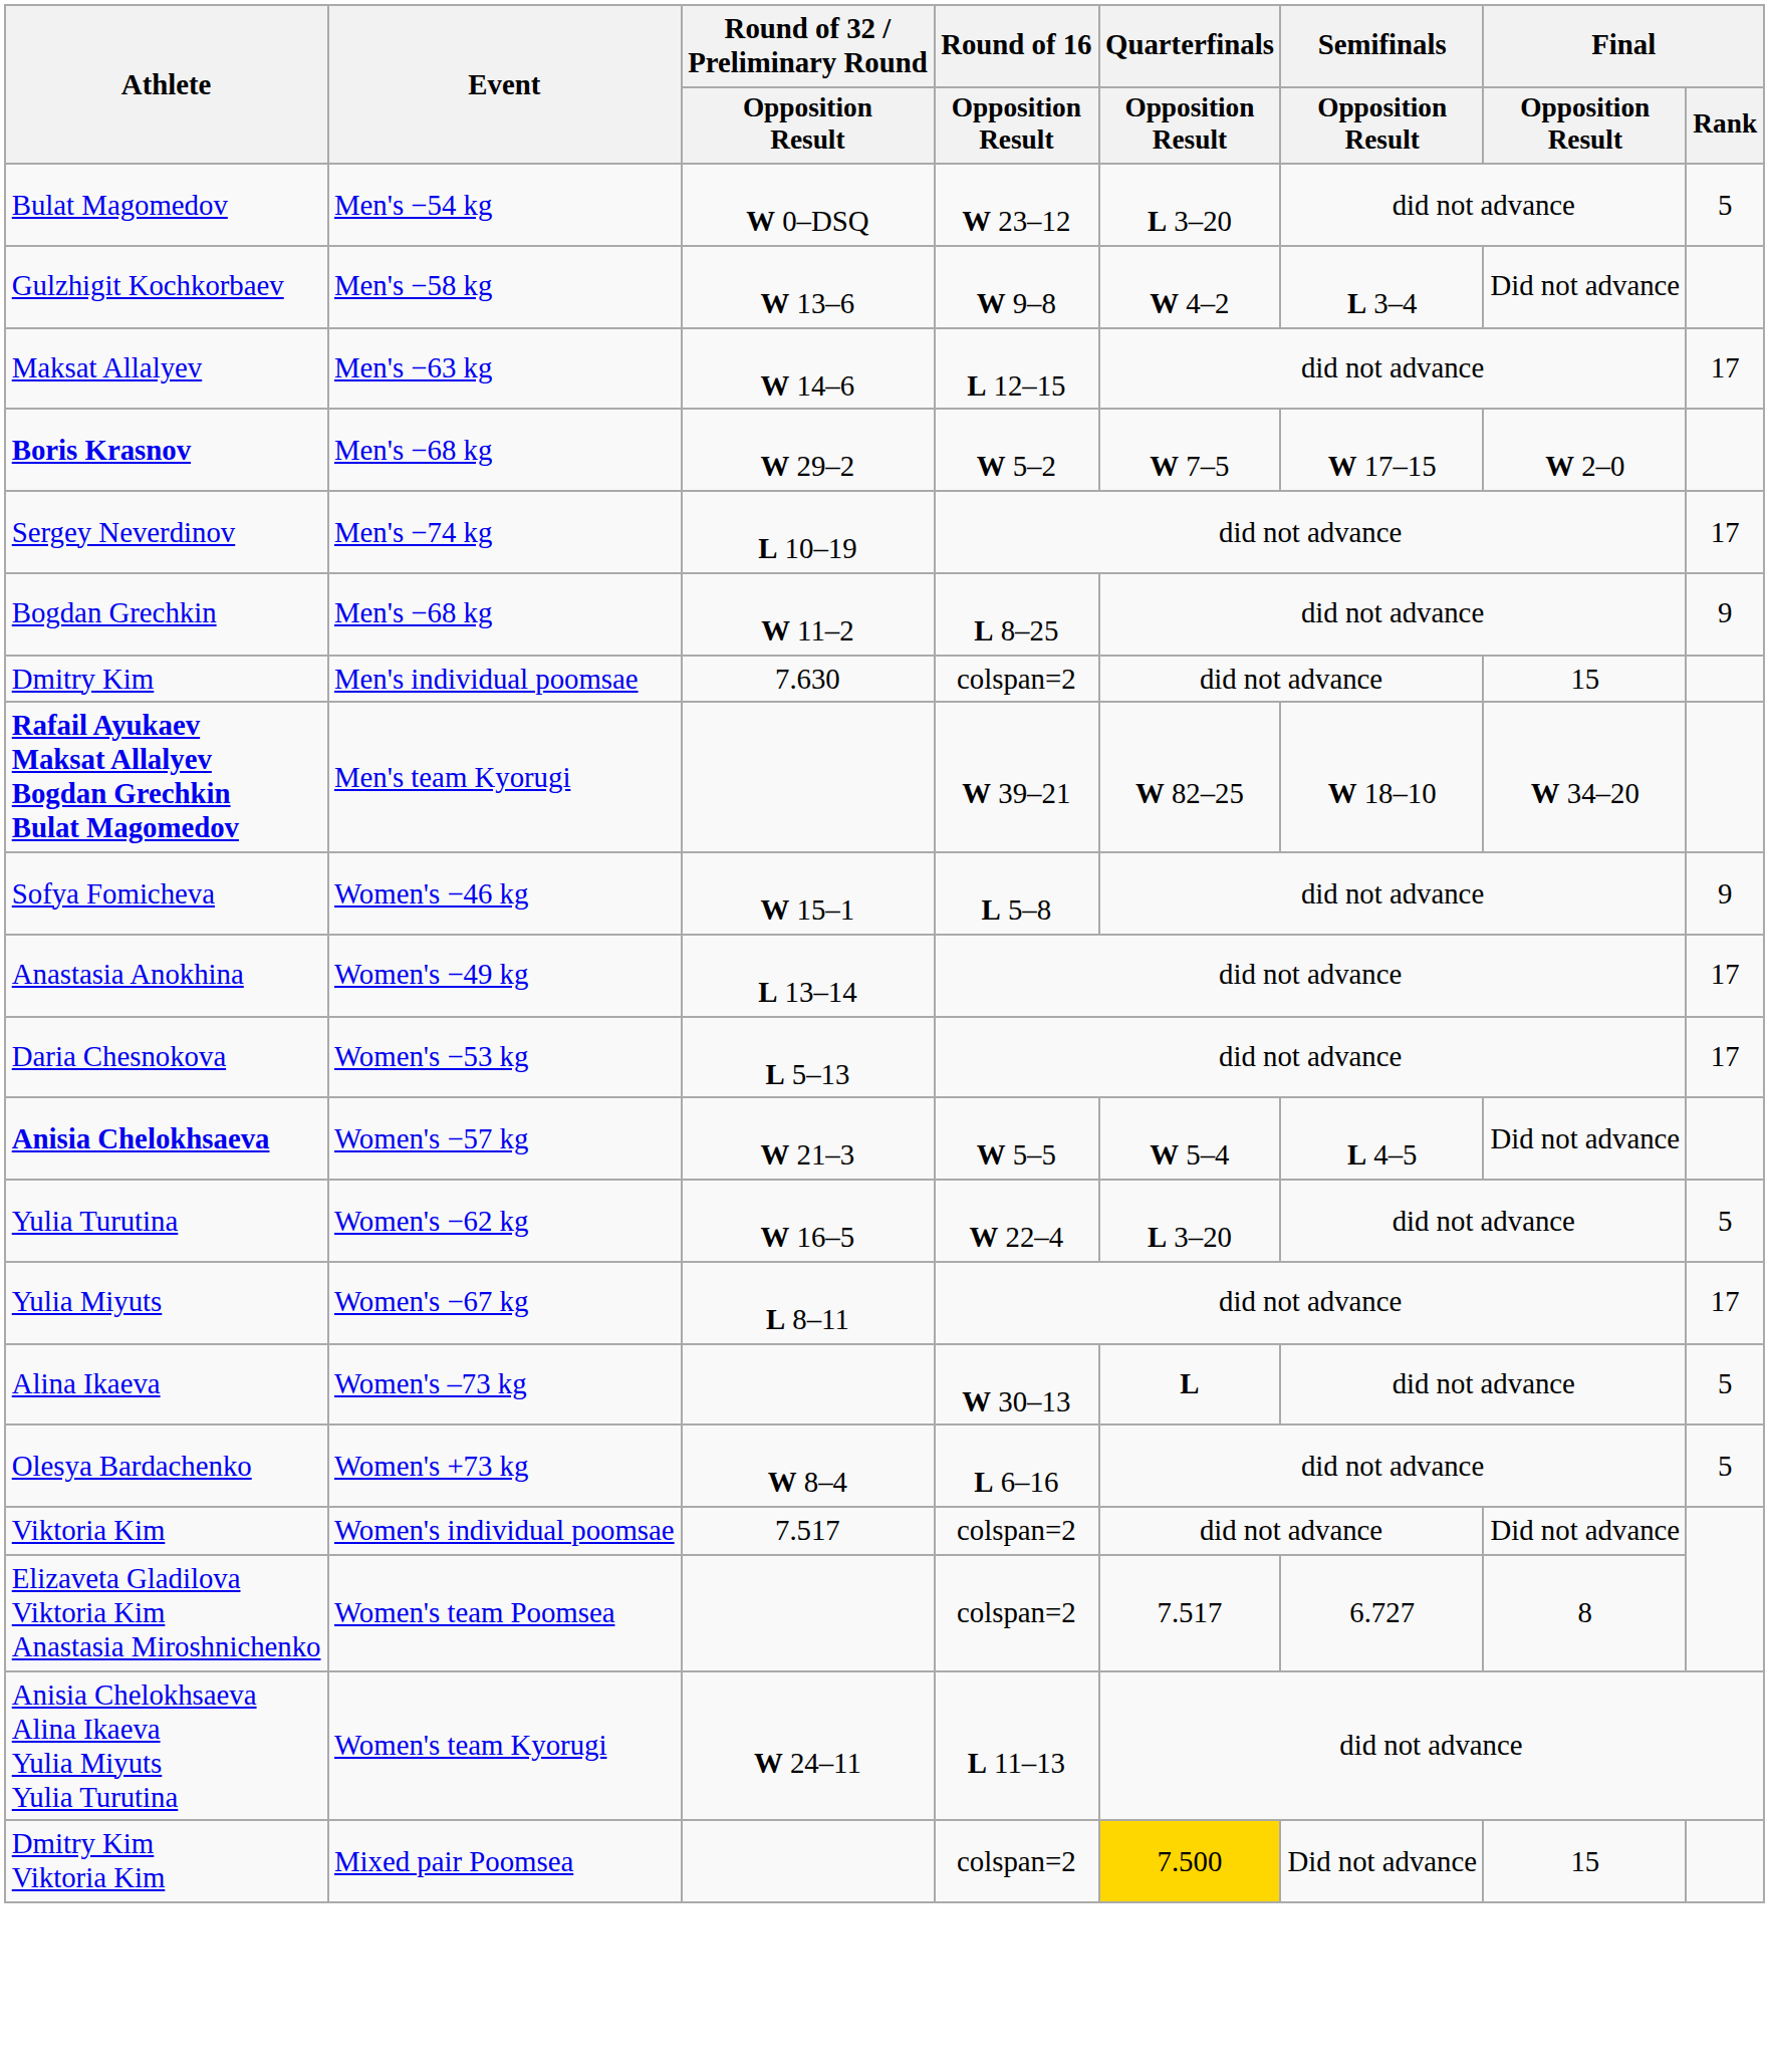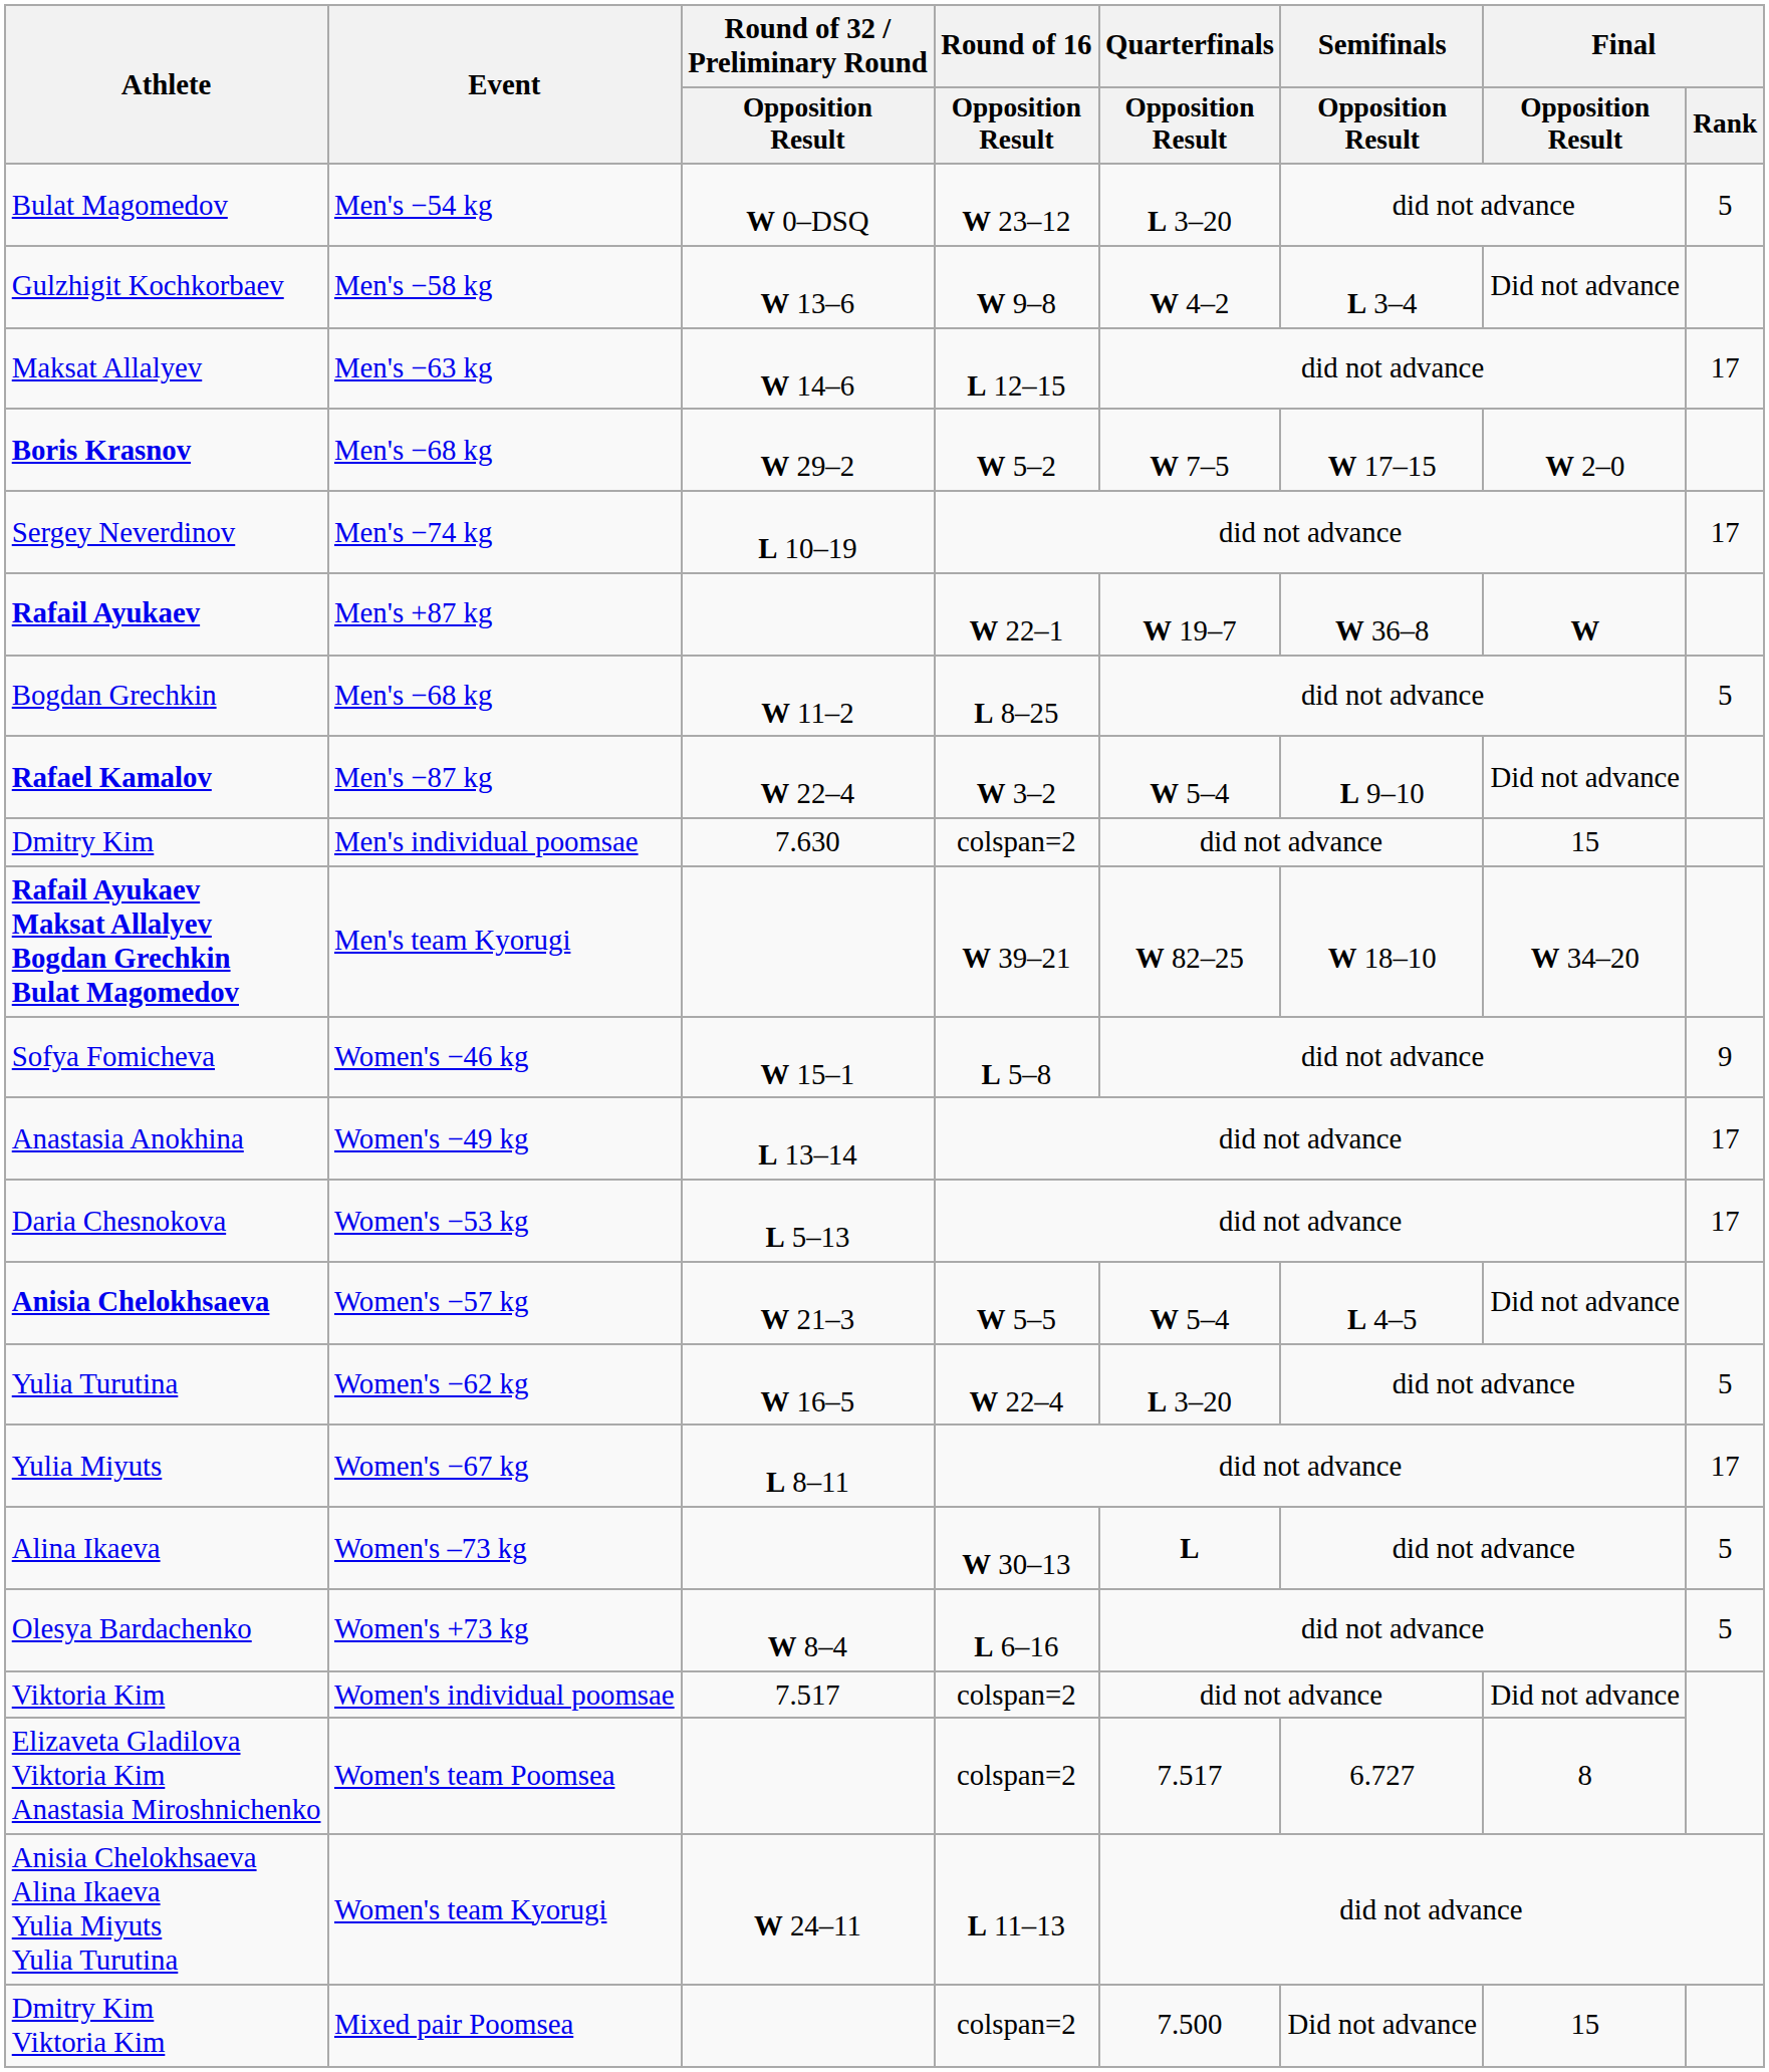 <table class="wikitable" style="text-align:center; font-size:90%">
 <tr>
 <th rowspan=2>Athlete</th>
 <th rowspan=2>Event</th>
 <th>Round of 32 /<br>Preliminary Round</th>
 <th>Round of 16</th>
 <th>Quarterfinals</th>
 <th>Semifinals</th>
 <th colspan=2>Final</th>
 </tr>
 <tr style="font-size:95%">
 <th>Opposition<br>Result</th>
 <th>Opposition<br>Result</th>
 <th>Opposition<br>Result</th>
 <th>Opposition<br>Result</th>
 <th>Opposition<br>Result</th>
 <th>Rank</th>
 </tr>
 <tr>
 <td align=left><a href='#'>Bulat Magomedov</a></td>
 <td align=left><a href='#'>Men's −54 kg</a></td>
 <td><br><strong>W</strong> 0–DSQ</td>
 <td><br><strong>W</strong> 23–12</td>
 <td><br><strong>L</strong> 3–20</td>
 <td colspan=2>did not advance</td>
 <td>5</td>
 </tr>
 <tr>
 <td align=left><a href='#'>Gulzhigit Kochkorbaev</a></td>
 <td align=left><a href='#'>Men's −58 kg</a></td>
 <td><br><strong>W</strong> 13–6</td>
 <td><br><strong>W</strong> 9–8</td>
 <td><br><strong>W</strong> 4–2</td>
 <td><br><strong>L</strong> 3–4</td>
 <td>Did not advance</td>
 <td></td>
 </tr>
 <tr>
 <td align=left><a href='#'>Maksat Allalyev</a></td>
 <td align=left><a href='#'>Men's −63 kg</a></td>
 <td><br><strong>W</strong> 14–6</td>
 <td><br><strong>L</strong> 12–15</td>
 <td colspan=3>did not advance</td>
 <td>17</td>
 </tr>
 <tr>
 <td align=left><strong><a href='#'>Boris Krasnov</a></strong></td>
 <td align=left><a href='#'>Men's −68 kg</a></td>
 <td><br><strong>W</strong> 29–2</td>
 <td><br><strong>W</strong> 5–2</td>
 <td><br><strong>W</strong> 7–5</td>
 <td><br><strong>W</strong> 17–15</td>
 <td><br><strong>W</strong> 2–0</td>
 <td></td>
 </tr>
 <tr>
 <td align=left><a href='#'>Sergey Neverdinov</a></td>
 <td align=left><a href='#'>Men's −74 kg</a></td>
 <td><br><strong>L</strong> 10–19</td>
 <td colspan=4>did not advance</td>
 <td>17</td>
 </tr>
 <tr>
+<td align=left><strong><a href='#'>Rafail Ayukaev</a></strong></td>
+<td align=left><a href='#'>Men's +87 kg</a></td>
+<td></td>
+<td><br><strong>W</strong> 22–1</td>
+<td><br><strong>W</strong> 19–7</td>
+<td><br><strong>W</strong> 36–8</td>
+<td><br><strong>W</strong> </td>
+<td></td>
+</tr>
+<tr>
 <td align=left><a href='#'>Bogdan Grechkin</a></td>
 <td align=left><a href='#'>Men's −68 kg</a></td>
 <td><br><strong>W</strong> 11–2</td>
 <td><br><strong>L</strong> 8–25</td>
 <td colspan=3>did not advance</td>
-<td>9</td>
+<td>5</td>
+</tr>
+<tr>
+<td align=left><strong><a href='#'>Rafael Kamalov</a></strong></td>
+<td align=left><a href='#'>Men's −87 kg</a></td>
+<td><br><strong>W</strong> 22–4</td>
+<td><br><strong>W</strong> 3–2</td>
+<td><br><strong>W</strong> 5–4</td>
+<td><br><strong>L</strong> 9–10</td>
+<td>Did not advance</td>
+<td></td>
 </tr>
 <tr>
 <td align=left><a href='#'>Dmitry Kim</a></td>
 <td align=left><a href='#'>Men's individual poomsae</a></td>
 <td>7.630</td>
 <td>colspan=2 </td>
 <td colspan=2>did not advance</td>
 <td>15</td>
 </tr>
 <tr>
 <td align=left><strong><a href='#'>Rafail Ayukaev</a><br><a href='#'>Maksat Allalyev</a><br><a href='#'>Bogdan Grechkin</a><br><a href='#'>Bulat Magomedov</a></strong></td>
 <td align=left><a href='#'>Men's team Kyorugi</a></td>
 <td></td>
 <td><br><strong>W</strong> 39–21</td>
 <td><br><strong>W</strong> 82–25</td>
 <td><br><strong>W</strong> 18–10</td>
 <td><br><strong>W</strong> 34–20</td>
 <td></td>
 </tr>
 <tr>
 <td align=left><a href='#'>Sofya Fomicheva</a></td>
 <td align=left><a href='#'>Women's −46 kg</a></td>
 <td><br><strong>W</strong> 15–1</td>
 <td><br><strong>L</strong> 5–8</td>
 <td colspan=3>did not advance</td>
 <td>9</td>
 </tr>
 <tr>
 <td align=left><a href='#'>Anastasia Anokhina</a></td>
 <td align=left><a href='#'>Women's −49 kg</a></td>
 <td><br><strong>L</strong> 13–14</td>
 <td colspan=4>did not advance</td>
 <td>17</td>
 </tr>
 <tr>
 <td align=left><a href='#'>Daria Chesnokova</a></td>
 <td align=left><a href='#'>Women's −53 kg</a></td>
 <td><br><strong>L</strong> 5–13</td>
 <td colspan=4>did not advance</td>
 <td>17</td>
 </tr>
 <tr>
 <td align=left><strong><a href='#'>Anisia Chelokhsaeva</a></strong></td>
 <td align=left><a href='#'>Women's −57 kg</a></td>
 <td><br><strong>W</strong> 21–3</td>
 <td><br><strong>W</strong> 5–5</td>
 <td><br><strong>W</strong> 5–4</td>
 <td><br><strong>L</strong> 4–5</td>
 <td>Did not advance</td>
 <td></td>
 </tr>
 <tr>
 <td align=left><a href='#'>Yulia Turutina</a></td>
 <td align=left><a href='#'>Women's −62 kg</a></td>
 <td><br><strong>W</strong> 16–5</td>
 <td><br><strong>W</strong> 22–4</td>
 <td><br><strong>L</strong> 3–20</td>
 <td colspan=2>did not advance</td>
 <td>5</td>
 </tr>
 <tr>
 <td align=left><a href='#'>Yulia Miyuts</a></td>
 <td align=left><a href='#'>Women's −67 kg</a></td>
 <td><br><strong>L</strong> 8–11</td>
 <td colspan=4>did not advance</td>
 <td>17</td>
 </tr>
 <tr>
 <td align=left><a href='#'>Alina Ikaeva</a></td>
 <td align=left><a href='#'>Women's –73 kg</a></td>
 <td></td>
 <td><br><strong>W</strong> 30–13</td>
 <td><strong>L</strong></td>
 <td colspan=2>did not advance</td>
 <td>5</td>
 </tr>
 <tr>
 <td align=left><a href='#'>Olesya Bardachenko</a></td>
 <td align=left><a href='#'>Women's +73 kg</a></td>
 <td><br><strong>W</strong> 8–4</td>
 <td><br><strong>L</strong> 6–16</td>
 <td colspan=3>did not advance</td>
 <td>5</td>
 </tr>
 <tr>
 <td align=left><a href='#'>Viktoria Kim</a></td>
 <td align=left><a href='#'>Women's individual poomsae</a></td>
 <td>7.517</td>
 <td>colspan=2 </td>
 <td colspan=2>did not advance</td>
 <td>Did not advance</td>
 </tr>
 <tr>
 <td align=left><a href='#'>Elizaveta Gladilova</a><br><a href='#'>Viktoria Kim</a><br><a href='#'>Anastasia Miroshnichenko</a></td>
 <td align=left><a href='#'>Women's team Poomsea</a></td>
 <td></td>
 <td>colspan=2 </td>
 <td>7.517</td>
 <td>6.727</td>
 <td>8</td>
 </tr>
 <tr>
 <td align=left><a href='#'>Anisia Chelokhsaeva</a><br><a href='#'>Alina Ikaeva</a><br><a href='#'>Yulia Miyuts</a><br><a href='#'>Yulia Turutina</a></td>
 <td align=left><a href='#'>Women's team Kyorugi</a></td>
 <td><br><strong>W</strong> 24–11</td>
 <td><br><strong>L</strong> 11–13</td>
 <td colspan=4>did not advance</td>
 </tr>
 <tr>
 <td align=left><a href='#'>Dmitry Kim</a><br><a href='#'>Viktoria Kim</a></td>
 <td align=left><a href='#'>Mixed pair Poomsea</a></td>
 <td></td>
 <td>colspan=2 </td>
-<td style="background: gold;">7.500</td>
+<td>7.500</td>
 <td>Did not advance</td>
 <td>15</td>
 </tr>
 </table>
